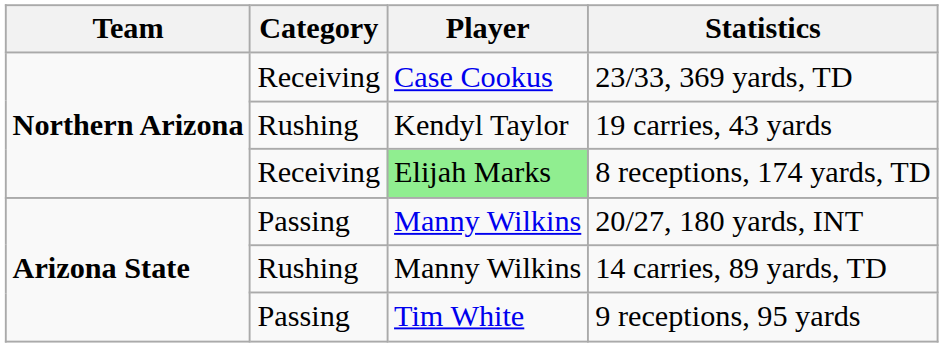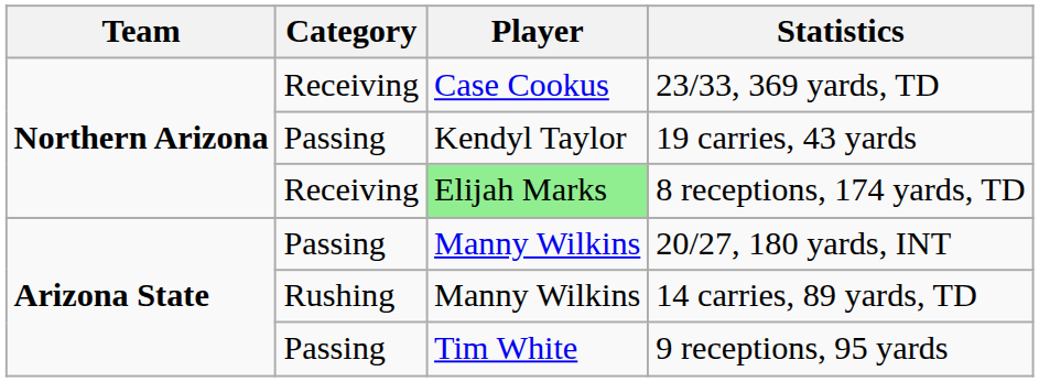 <table class="wikitable" style="float: right;">
 <tr>
 <th>Team</th>
 <th>Category</th>
 <th>Player</th>
 <th>Statistics</th>
 </tr>
 <tr>
 <td rowspan=3><strong>Northern Arizona</strong></td>
 <td>Receiving</td>
 <td><a href='#'>Case Cookus</a></td>
 <td>23/33, 369 yards, TD</td>
 </tr>
 <tr>
-<td>Rushing</td>
+<td>Passing</td>
 <td>Kendyl Taylor</td>
 <td>19 carries, 43 yards</td>
 </tr>
 <tr>
 <td>Receiving</td>
 <td style="background: lightgreen;">Elijah Marks</td>
 <td>8 receptions, 174 yards, TD</td>
 </tr>
 <tr>
 <td rowspan=3><strong>Arizona State</strong></td>
 <td>Passing</td>
 <td><a href='#'>Manny Wilkins</a></td>
 <td>20/27, 180 yards, INT</td>
 </tr>
 <tr>
 <td>Rushing</td>
 <td>Manny Wilkins</td>
 <td>14 carries, 89 yards, TD</td>
 </tr>
 <tr>
 <td>Passing</td>
 <td><a href='#'>Tim White</a></td>
 <td>9 receptions, 95 yards</td>
 </tr>
 </table>
